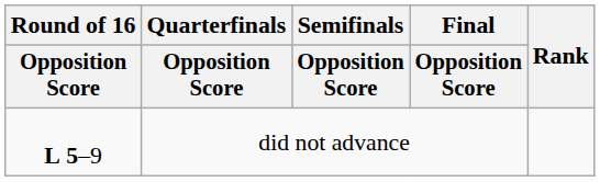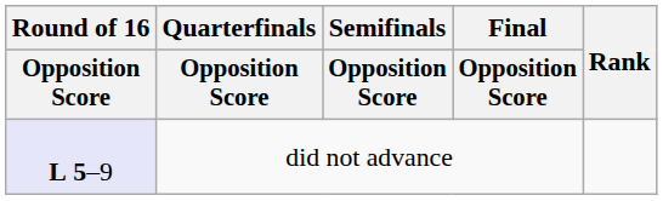 <table class=wikitable style="font-size:90%">
 <tr>
 <th>Round of 16</th>
 <th>Quarterfinals</th>
 <th>Semifinals</th>
 <th>Final</th>
 <th rowspan=2>Rank</th>
 </tr>
 <tr style="font-size:95%">
 <th>Opposition<br>Score</th>
 <th>Opposition<br>Score</th>
 <th>Opposition<br>Score</th>
 <th>Opposition<br>Score</th>
 </tr>
 <tr align=center>
-<td><br><strong>L</strong>  <strong>5</strong>–9</td>
+<td style="background: lavender;"><br><strong>L</strong>  <strong>5</strong>–9</td>
 <td colspan=3>did not advance</td>
 <td></td>
 </tr>
 </table>
